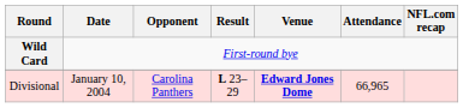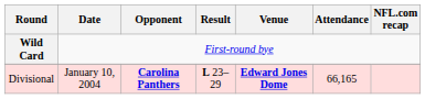 <table class="wikitable" style="text-align:center">
 <tr>
 <th>Round</th>
 <th>Date</th>
 <th>Opponent</th>
 <th>Result</th>
 <th>Venue</th>
 <th>Attendance</th>
 <th>NFL.com<br>recap</th>
 </tr>
 <tr>
 <th>Wild Card</th>
 <td colspan="6" align="center"><em><a href='#'>First-round bye</a></em></td>
 </tr>
 <tr>
 </tr>
 <tr style="background:#ffdddd">
 <td>Divisional</td>
 <td>January 10, 2004</td>
-<td><a href='#'>Carolina Panthers</a></td>
+<td><strong><a href='#'>Carolina Panthers</a></strong></td>
 <td><strong>L</strong> 23–29 </td>
 <td><strong><a href='#'>Edward Jones Dome</a></strong></td>
-<td>66,965</td>
+<td>66,165</td>
 <td></td>
 </tr>
 </table>
